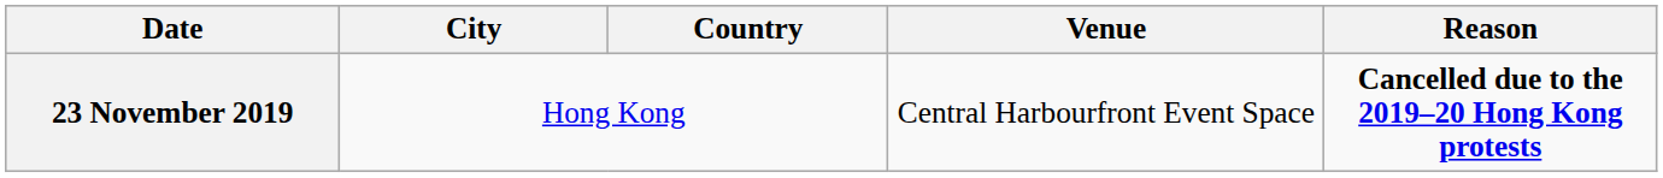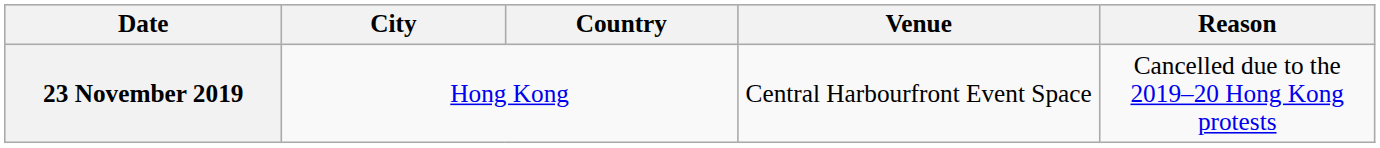 <table class="wikitable plainrowheaders" style="text-align:center;">
 <tr>
 <th scope="col" style="width:12em;">Date</th>
 <th scope="col" style="width:10em;">City</th>
 <th scope="col" style="width:10em;">Country</th>
 <th scope="col" style="width:16em;">Venue</th>
 <th scope="col" style="width:12em;">Reason</th>
 </tr>
 <tr>
 <th scope="row" style="text-align:center;">23 November 2019</th>
 <td colspan="2"><a href='#'>Hong Kong</a></td>
 <td>Central Harbourfront Event Space</td>
-<td><strong>Cancelled due to the <a href='#'>2019–20 Hong Kong protests</a></strong></td>
+<td>Cancelled due to the <a href='#'>2019–20 Hong Kong protests</a></td>
 </tr>
 </table>
